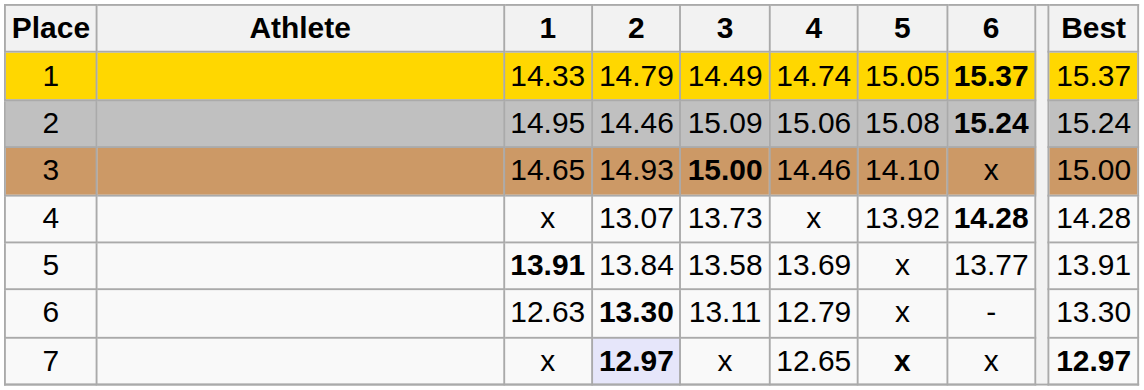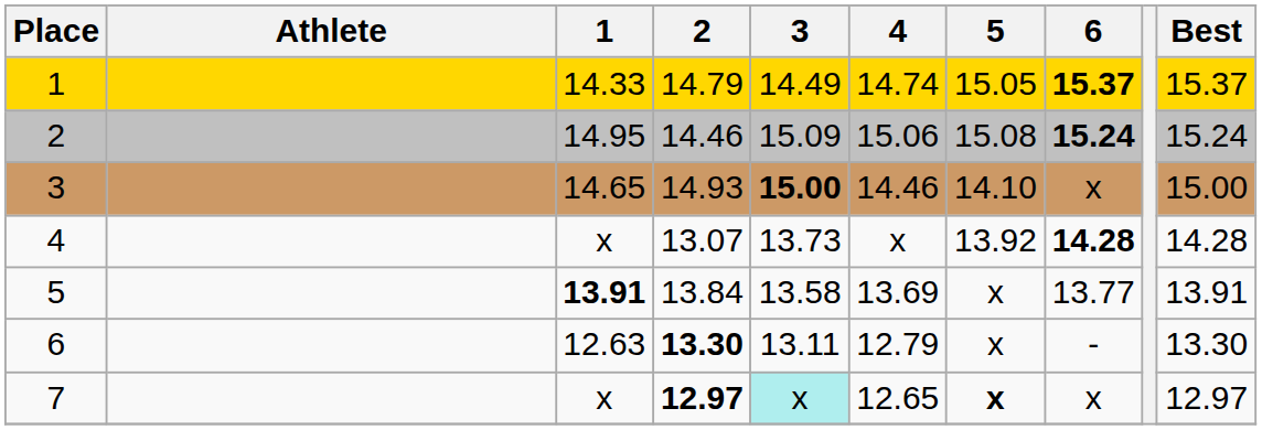 <table class="wikitable" style="text-align:center">
 <tr>
 <th>Place</th>
 <th width=210>Athlete</th>
 <th>1</th>
 <th>2</th>
 <th>3</th>
 <th>4</th>
 <th>5</th>
 <th>6</th>
 <th rowspan=20></th>
 <th>Best</th>
 </tr>
 <tr bgcolor=gold>
 <td>1</td>
 <td align=left></td>
 <td>14.33</td>
 <td>14.79</td>
 <td>14.49</td>
 <td>14.74</td>
 <td>15.05</td>
 <td><strong>15.37</strong></td>
 <td>15.37</td>
 </tr>
 <tr bgcolor=silver>
 <td>2</td>
 <td align=left></td>
 <td>14.95</td>
 <td>14.46</td>
 <td>15.09</td>
 <td>15.06</td>
 <td>15.08</td>
 <td><strong>15.24</strong></td>
 <td>15.24</td>
 </tr>
 <tr bgcolor=cc9966>
 <td>3</td>
 <td align=left></td>
 <td>14.65</td>
 <td>14.93</td>
 <td><strong>15.00</strong></td>
 <td>14.46</td>
 <td>14.10</td>
 <td>x</td>
 <td>15.00</td>
 </tr>
 <tr>
 <td>4</td>
 <td align=left></td>
 <td>x</td>
 <td>13.07</td>
 <td>13.73</td>
 <td>x</td>
 <td>13.92</td>
 <td><strong>14.28</strong></td>
 <td>14.28</td>
 </tr>
 <tr>
 <td>5</td>
 <td align=left></td>
 <td><strong>13.91</strong></td>
 <td>13.84</td>
 <td>13.58</td>
 <td>13.69</td>
 <td>x</td>
 <td>13.77</td>
 <td>13.91</td>
 </tr>
 <tr>
 <td>6</td>
 <td align=left></td>
 <td>12.63</td>
 <td><strong>13.30</strong></td>
 <td>13.11</td>
 <td>12.79</td>
 <td>x</td>
 <td>-</td>
 <td>13.30</td>
 </tr>
 <tr>
 <td>7</td>
 <td align=left></td>
 <td>x</td>
-<td style="background: lavender;"><strong>12.97</strong></td>
-<td>x</td>
+<td><strong>12.97</strong></td>
+<td style="background: paleturquoise;">x</td>
 <td>12.65</td>
 <td><strong>x</strong></td>
 <td>x</td>
-<td><strong>12.97</strong></td>
+<td>12.97</td>
 </tr>
 <tr>
 </tr>
 </table>
